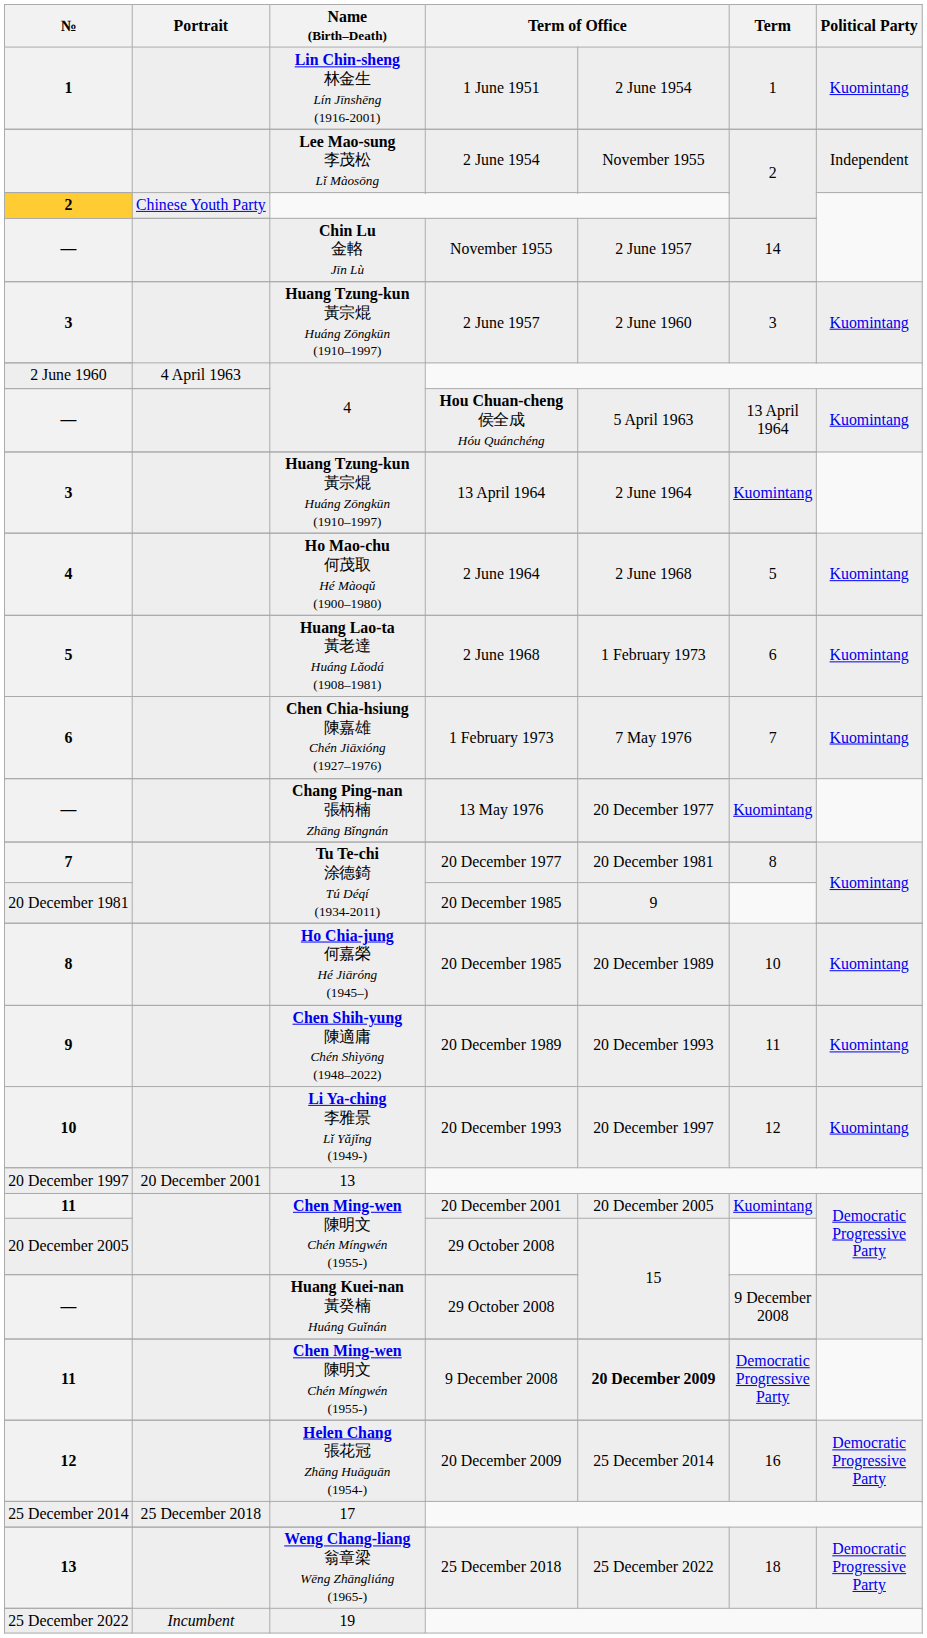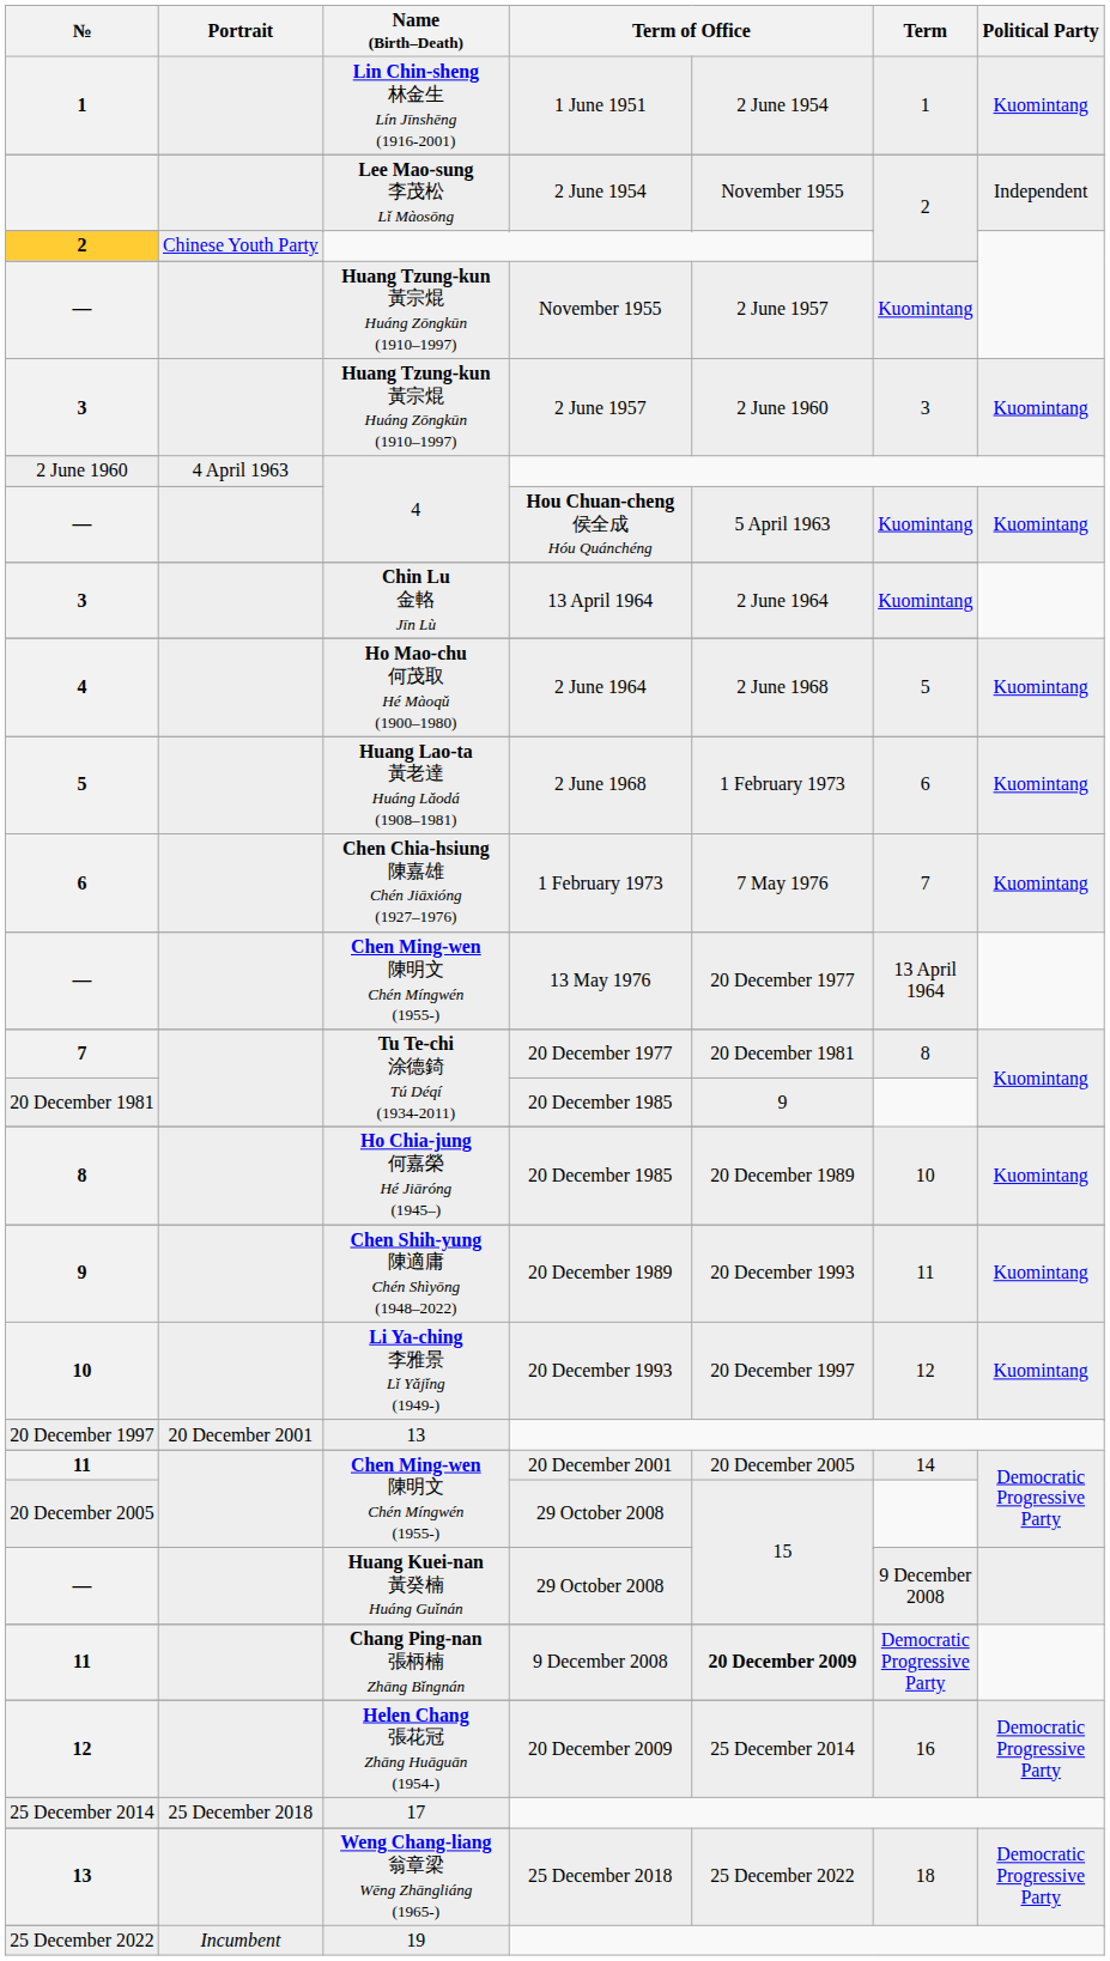 <table class="wikitable" style="text-align:center">
 <tr ->
 <th>№</th>
 <th>Portrait</th>
 <th width="150">Name<br><small>(Birth–Death)</small></th>
 <th colspan=2 width="300">Term of Office</th>
 <th width="50">Term</th>
 <th width = "100">Political Party</th>
 </tr>
 <tr - bgcolor=#EEEEEE>
 <th style="background:">1</th>
 <td></td>
 <td><strong><a href='#'>Lin Chin-sheng</a></strong><br><span>林金生 </span><br><small><em>Lín Jīnshēng </em><br>(1916-2001)</small></td>
 <td>1 June 1951</td>
 <td>2 June 1954 </td>
 <td>1</td>
 <td><a href='#'>Kuomintang</a></td>
 </tr>
 <tr ->
 </tr>
 <tr - bgcolor=#EEEEEE>
 <th style="background:"></th>
 <td rowspan=2></td>
 <td rowspan=2><strong>Lee Mao-sung</strong><br><span>李茂松 </span><br><small><em>Lǐ Màosōng </em><br></small></td>
 <td rowspan=2>2 June 1954</td>
 <td rowspan=2>November 1955</td>
 <td rowspan=3>2</td>
 <td>Independent</td>
 </tr>
 <tr ->
 </tr>
 <tr - bgcolor=#EEEEEE>
 <th style="background:#FFCC33; color:black;" valign=top>2</th>
 <td><a href='#'>Chinese Youth Party</a></td>
 </tr>
 <tr ->
 </tr>
 <tr - bgcolor=#EEEEEE>
 <th style="background:">—</th>
 <td></td>
-<td><strong>Chin Lu</strong><br><span>金輅 </span><br><small><em>Jīn Lù </em><br></small></td>
+<td><strong>Huang Tzung-kun</strong><br><span>黃宗焜 </span><br><small><em>Huáng Zōngkūn </em><br>(1910–1997)</small></td>
 <td>November 1955</td>
 <td>2 June 1957</td>
-<td>14</td>
+<td><a href='#'>Kuomintang</a></td>
 </tr>
 <tr ->
 </tr>
 <tr - bgcolor=#EEEEEE>
 <th style="background:">3</th>
 <td rowspan=2></td>
 <td rowspan=2><strong>Huang Tzung-kun</strong><br><span>黃宗焜 </span><br><small><em>Huáng Zōngkūn </em><br>(1910–1997)</small></td>
 <td>2 June 1957</td>
 <td>2 June 1960</td>
 <td>3</td>
 <td rowspan=2><a href='#'>Kuomintang</a></td>
 </tr>
 <tr ->
 </tr>
 <tr - bgcolor=#EEEEEE>
 <td>2 June 1960</td>
 <td>4 April 1963</td>
 <td rowspan=3>4</td>
 </tr>
 <tr ->
 </tr>
 <tr - bgcolor=#EEEEEE>
 <th style="background:">—</th>
 <td></td>
 <td><strong>Hou Chuan-cheng</strong><br><span>侯全成 </span><br><small><em>Hóu Quánchéng </em><br></small></td>
 <td>5 April 1963</td>
-<td>13 April 1964</td>
+<td><a href='#'>Kuomintang</a></td>
 <td><a href='#'>Kuomintang</a></td>
 </tr>
 <tr ->
 </tr>
 <tr - bgcolor=#EEEEEE>
 <th style="background:">3</th>
 <td></td>
-<td><strong>Huang Tzung-kun</strong><br><span>黃宗焜 </span><br><small><em>Huáng Zōngkūn </em><br>(1910–1997)</small></td>
+<td><strong>Chin Lu</strong><br><span>金輅 </span><br><small><em>Jīn Lù </em><br></small></td>
 <td>13 April 1964</td>
 <td>2 June 1964 </td>
 <td><a href='#'>Kuomintang</a></td>
 </tr>
 <tr ->
 </tr>
 <tr - bgcolor=#EEEEEE>
 <th style="background:">4</th>
 <td></td>
 <td><strong>Ho Mao-chu</strong><br><span>何茂取 </span><br><small><em>Hé Màoqǔ </em><br>(1900–1980)</small></td>
 <td>2 June 1964</td>
 <td>2 June 1968</td>
 <td>5</td>
 <td><a href='#'>Kuomintang</a></td>
 </tr>
 <tr ->
 </tr>
 <tr - bgcolor=#EEEEEE>
 <th style="background:">5</th>
 <td></td>
 <td><strong>Huang Lao-ta</strong><br><span>黃老達 </span><br><small><em>Huáng Lǎodá </em><br>(1908–1981)</small></td>
 <td>2 June 1968</td>
 <td>1 February 1973 </td>
 <td>6</td>
 <td><a href='#'>Kuomintang</a></td>
 </tr>
 <tr ->
 </tr>
 <tr - bgcolor=#EEEEEE>
 <th style="background:">6</th>
 <td></td>
 <td><strong>Chen Chia-hsiung</strong><br><span>陳嘉雄 </span><br><small><em>Chén Jiāxióng </em><br>(1927–1976)</small></td>
 <td>1 February 1973</td>
 <td>7 May 1976</td>
 <td rowspan=2>7</td>
 <td><a href='#'>Kuomintang</a></td>
 </tr>
 <tr ->
 </tr>
 <tr - bgcolor=#EEEEEE>
 <th style="background:">—</th>
 <td></td>
-<td><strong>Chang Ping-nan</strong><br><span>張柄楠 </span><br><small><em>Zhāng Bǐngnán </em><br></small></td>
+<td><strong><a href='#'>Chen Ming-wen</a></strong><br><span>陳明文 </span><br><small><em>Chén Míngwén</em><br>(1955-)</small></td>
 <td>13 May 1976</td>
 <td>20 December 1977</td>
-<td><a href='#'>Kuomintang</a></td>
+<td>13 April 1964</td>
 </tr>
 <tr ->
 </tr>
 <tr - bgcolor=#EEEEEE>
 <th style="background:">7</th>
 <td rowspan=2></td>
 <td rowspan=2><strong>Tu Te-chi</strong><br><span>涂德錡 </span><br><small><em>Tú Déqí </em><br>(1934-2011)</small></td>
 <td>20 December 1977</td>
 <td>20 December 1981</td>
 <td>8</td>
 <td rowspan=2><a href='#'>Kuomintang</a></td>
 </tr>
 <tr - bgcolor=#EEEEEE>
 <td>20 December 1981</td>
 <td>20 December 1985</td>
 <td>9</td>
 </tr>
 <tr ->
 </tr>
 <tr - bgcolor=#EEEEEE>
 <th style="background:">8</th>
 <td></td>
 <td><strong><a href='#'>Ho Chia-jung</a></strong><br><span>何嘉榮 </span><br><small><em>Hé Jiāróng </em><br>(1945–)</small></td>
 <td>20 December 1985</td>
 <td>20 December 1989</td>
 <td>10</td>
 <td><a href='#'>Kuomintang</a></td>
 </tr>
 <tr ->
 </tr>
 <tr - bgcolor=#EEEEEE>
 <th style="background:">9</th>
 <td></td>
 <td><strong><a href='#'>Chen Shih-yung</a></strong><br><span>陳適庸 </span><br><small><em>Chén Shìyōng </em><br>(1948–2022)</small></td>
 <td>20 December 1989</td>
 <td>20 December 1993</td>
 <td>11</td>
 <td><a href='#'>Kuomintang</a></td>
 </tr>
 <tr - bgcolor=#EEEEEE>
 <th style="background:">10</th>
 <td rowspan=2></td>
 <td rowspan=2><strong><a href='#'>Li Ya-ching</a></strong><br><span>李雅景 </span><br><small><em>Lǐ Yǎjǐng </em><br>(1949-)</small></td>
 <td>20 December 1993</td>
 <td>20 December 1997</td>
 <td>12</td>
 <td rowspan=2><a href='#'>Kuomintang</a></td>
 </tr>
 <tr ->
 </tr>
 <tr - bgcolor=#EEEEEE>
 <td>20 December 1997</td>
 <td>20 December 2001</td>
 <td>13</td>
 </tr>
 <tr ->
 </tr>
 <tr - bgcolor=#EEEEEE>
 <th style="background:">11</th>
 <td rowspan=2></td>
 <td rowspan=2><strong><a href='#'>Chen Ming-wen</a></strong><br><span>陳明文 </span><br><small><em>Chén Míngwén</em><br>(1955-)</small></td>
 <td>20 December 2001</td>
 <td>20 December 2005</td>
-<td><a href='#'>Kuomintang</a></td>
+<td>14</td>
 <td rowspan=2><a href='#'>Democratic Progressive Party</a></td>
 </tr>
 <tr - bgcolor=#EEEEEE>
 <td>20 December 2005</td>
 <td>29 October 2008</td>
 <td rowspan=3>15</td>
 </tr>
 <tr ->
 </tr>
 <tr - bgcolor=#EEEEEE>
 <th>—</th>
 <td></td>
 <td><strong>Huang Kuei-nan</strong><br><span>黃癸楠 </span><br><small><em>Huáng Guǐnán </em><br></small></td>
 <td>29 October 2008</td>
 <td>9 December 2008</td>
 <td></td>
 </tr>
 <tr ->
 </tr>
 <tr - bgcolor=#EEEEEE>
 <th style="background:">11</th>
 <td></td>
-<td><strong><a href='#'>Chen Ming-wen</a></strong><br><span>陳明文 </span><br><small><em>Chén Míngwén</em><br>(1955-)</small></td>
+<td><strong>Chang Ping-nan</strong><br><span>張柄楠 </span><br><small><em>Zhāng Bǐngnán </em><br></small></td>
 <td>9 December 2008</td>
 <td><strong>20 December 2009</strong></td>
 <td><a href='#'>Democratic Progressive Party</a></td>
 </tr>
 <tr ->
 </tr>
 <tr - bgcolor=#EEEEEE>
 <th style="background:">12</th>
 <td rowspan=2></td>
 <td rowspan=2><strong><a href='#'>Helen Chang</a></strong><br><span>張花冠 </span><br><small><em>Zhāng Huāguān</em><br>(1954-)</small></td>
 <td>20 December 2009</td>
 <td>25 December 2014 </td>
 <td>16</td>
 <td rowspan=2><a href='#'>Democratic Progressive Party</a></td>
 </tr>
 <tr ->
 </tr>
 <tr - bgcolor=#EEEEEE>
 <td>25 December 2014</td>
 <td>25 December 2018</td>
 <td>17</td>
 </tr>
 <tr>
 </tr>
 <tr - bgcolor=#EEEEEE>
 <th style="background:">13</th>
 <td rowspan=2></td>
 <td rowspan=2><strong><a href='#'>Weng Chang-liang</a></strong><br><span>翁章梁 </span><br><small><em>Wēng Zhāngliáng </em><br>(1965-)</small></td>
 <td>25 December 2018</td>
 <td>25 December 2022</td>
 <td>18</td>
 <td rowspan=2><a href='#'>Democratic Progressive Party</a></td>
 </tr>
 <tr>
 </tr>
 <tr - bgcolor=#EEEEEE>
 <td>25 December 2022</td>
 <td><em>Incumbent</em></td>
 <td>19</td>
 </tr>
 </table>
